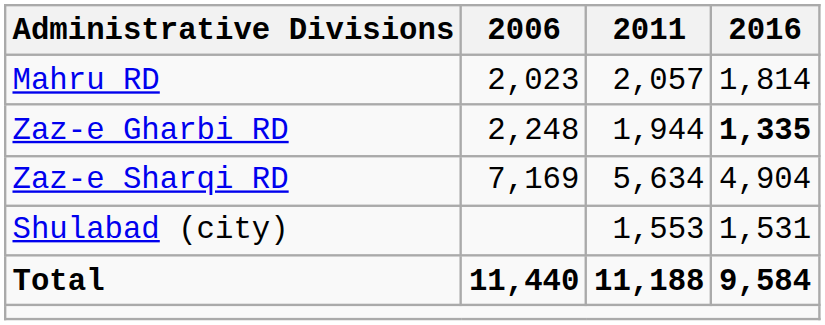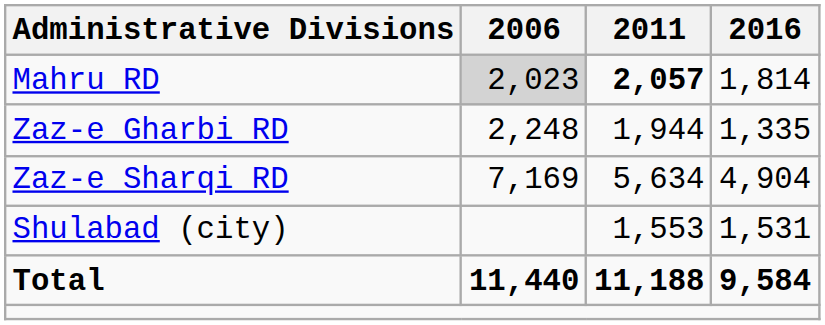 <table class="wikitable">
 <tr>
 <th>Administrative Divisions</th>
 <th>2006</th>
 <th>2011</th>
 <th>2016</th>
 </tr>
 <tr>
 <td><a href='#'>Mahru RD</a></td>
-<td style="text-align: right;">2,023</td>
-<td style="text-align: right;">2,057</td>
+<td style="background: lightgrey; text-align: right;">2,023</td>
+<td style="text-align: right;"><strong>2,057</strong></td>
 <td style="text-align: right;">1,814</td>
 </tr>
 <tr>
 <td><a href='#'>Zaz-e Gharbi RD</a></td>
 <td style="text-align: right;">2,248</td>
 <td style="text-align: right;">1,944</td>
-<td style="text-align: right;"><strong>1,335</strong></td>
+<td style="text-align: right;">1,335</td>
 </tr>
 <tr>
 <td><a href='#'>Zaz-e Sharqi RD</a></td>
 <td style="text-align: right;">7,169</td>
 <td style="text-align: right;">5,634</td>
 <td style="text-align: right;">4,904</td>
 </tr>
 <tr>
 <td><a href='#'>Shulabad</a> (city)</td>
 <td style="text-align: right;"></td>
 <td style="text-align: right;">1,553</td>
 <td style="text-align: right;">1,531</td>
 </tr>
 <tr>
 <td><strong>Total</strong></td>
 <td style="text-align: right;"><strong>11,440</strong></td>
 <td style="text-align: right;"><strong>11,188</strong></td>
 <td style="text-align: right;"><strong>9,584</strong></td>
 </tr>
 <tr>
 <td colspan=4></td>
 </tr>
 </table>
